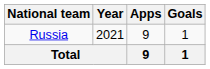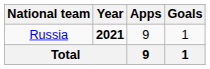 <table class=wikitable style=text-align:center>
 <tr>
 <th>National team</th>
 <th>Year</th>
 <th>Apps</th>
 <th>Goals</th>
 </tr>
 <tr>
 <td><a href='#'>Russia</a></td>
-<td>2021</td>
+<td><strong>2021</strong></td>
 <td>9</td>
 <td>1</td>
 </tr>
 <tr>
 <th colspan=2>Total</th>
 <th>9</th>
 <th>1</th>
 </tr>
 </table>
